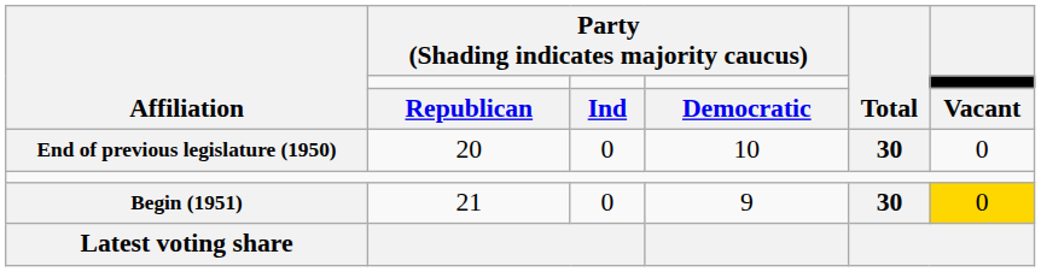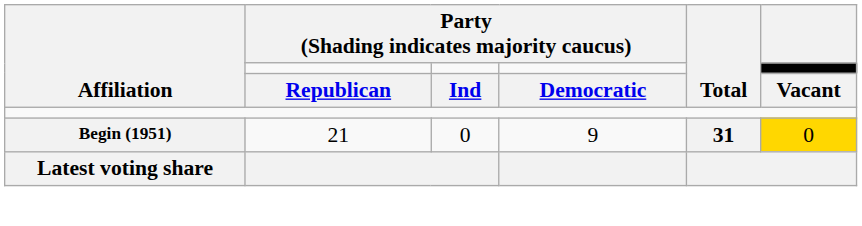 <table class=wikitable style="text-align:center; width:50%">
 <tr style="vertical-align:bottom;">
 <th rowspan=3>Affiliation</th>
 <th colspan=3>Party <div>(Shading indicates majority caucus)</div></th>
 <th rowspan=3>Total</th>
 <th></th>
 </tr>
 <tr style="height:5px">
 <td style="background-color:"></td>
 <td style="background-color:"></td>
 <td style="background-color:"></td>
 <td style="background-color:black"></td>
 </tr>
 <tr>
 <th><a href='#'>Republican</a></th>
 <th><a href='#'>Ind</a></th>
 <th><a href='#'>Democratic</a></th>
 <th>Vacant</th>
 </tr>
 <tr>
-<th nowrap style="font-size:80%">End of previous legislature (1950)</th>
-<td>20</td>
-<td>0</td>
-<td>10</td>
-<th>30</th>
-<td>0</td>
-</tr>
-<tr>
 <td colspan=6></td>
 </tr>
 <tr>
 <th nowrap style="font-size:80%">Begin (1951)</th>
 <td>21</td>
 <td>0</td>
 <td>9</td>
-<th>30</th>
+<th>31</th>
 <td style="background: gold;">0</td>
 </tr>
 <tr>
 <th>Latest voting share</th>
 <th colspan=2 ></th>
 <th></th>
 <th colspan=2></th>
 </tr>
 </table>
